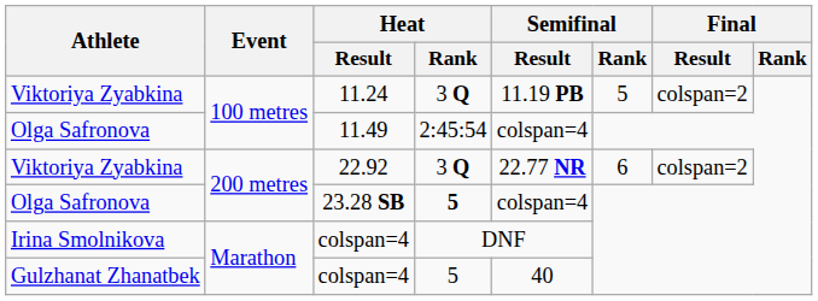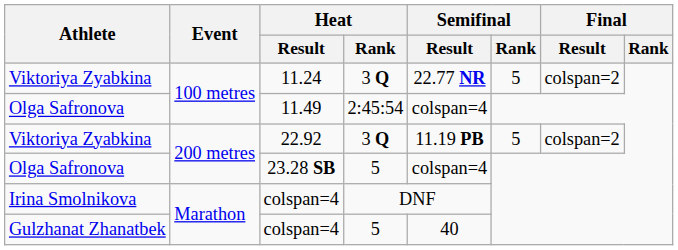 <table class="wikitable" style="font-size:90%">
 <tr>
 <th rowspan="2">Athlete</th>
 <th rowspan="2">Event</th>
 <th colspan="2">Heat</th>
 <th colspan="2">Semifinal</th>
 <th colspan="2">Final</th>
 </tr>
 <tr style="font-size:95%">
 <th>Result</th>
 <th>Rank</th>
 <th>Result</th>
 <th>Rank</th>
 <th>Result</th>
 <th>Rank</th>
 </tr>
 <tr style=text-align:center>
 <td style=text-align:left><a href='#'>Viktoriya Zyabkina</a></td>
 <td rowspan=2 style=text-align:left><a href='#'>100 metres</a></td>
 <td>11.24</td>
 <td>3 <strong>Q</strong></td>
-<td>11.19 <strong>PB</strong></td>
+<td>22.77 <strong><a href='#'>NR</a></strong></td>
 <td>5</td>
 <td>colspan=2 </td>
 </tr>
 <tr style=text-align:center>
 <td style=text-align:left><a href='#'>Olga Safronova</a></td>
 <td>11.49</td>
 <td>2:45:54</td>
 <td>colspan=4 </td>
 </tr>
 <tr style=text-align:center>
 <td style=text-align:left><a href='#'>Viktoriya Zyabkina</a></td>
 <td rowspan=2 style=text-align:left><a href='#'>200 metres</a></td>
 <td>22.92</td>
 <td>3 <strong>Q</strong></td>
-<td>22.77 <strong><a href='#'>NR</a></strong></td>
-<td>6</td>
+<td>11.19 <strong>PB</strong></td>
+<td>5</td>
 <td>colspan=2 </td>
 </tr>
 <tr style=text-align:center>
 <td style=text-align:left><a href='#'>Olga Safronova</a></td>
 <td>23.28 <strong>SB</strong></td>
-<td><strong>5</strong></td>
+<td>5</td>
 <td>colspan=4 </td>
 </tr>
 <tr style=text-align:center>
 <td style=text-align:left><a href='#'>Irina Smolnikova</a></td>
 <td rowspan=2 style=text-align:left><a href='#'>Marathon</a></td>
 <td>colspan=4 </td>
 <td colspan=2>DNF</td>
 </tr>
 <tr style=text-align:center>
 <td style=text-align:left><a href='#'>Gulzhanat Zhanatbek</a></td>
 <td>colspan=4 </td>
 <td>5</td>
 <td>40</td>
 </tr>
 </table>
